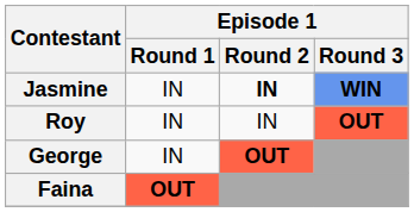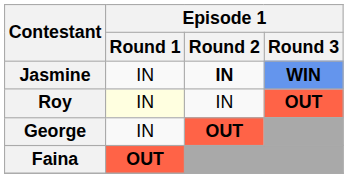 <table class="wikitable" style="text-align:center;font-size:100%">
 <tr>
 <th rowspan=2>Contestant</th>
 <th colspan=3>Episode 1</th>
 </tr>
 <tr>
 <th>Round 1</th>
 <th>Round 2</th>
 <th>Round 3</th>
 </tr>
 <tr>
 <th>Jasmine</th>
 <td>IN</td>
 <td><strong>IN</strong></td>
 <td style="background:cornflowerblue;"><strong>WIN</strong></td>
 </tr>
 <tr>
 <th>Roy</th>
-<td>IN</td>
+<td style="background: lightyellow;">IN</td>
 <td>IN</td>
 <td style="background:tomato;"><strong>OUT</strong></td>
 </tr>
 <tr>
 <th>George</th>
 <td>IN</td>
 <td style="background:tomato;"><strong>OUT</strong></td>
 <td colspan="3" style="background:darkgrey;"></td>
 </tr>
 <tr>
 <th>Faina</th>
 <td style="background:tomato;"><strong>OUT</strong></td>
 <td colspan="3" style="background:darkgrey;"></td>
 </tr>
 <tr>
 </tr>
 </table>
